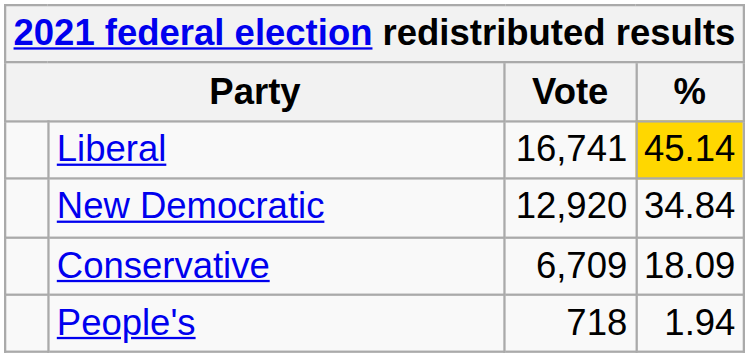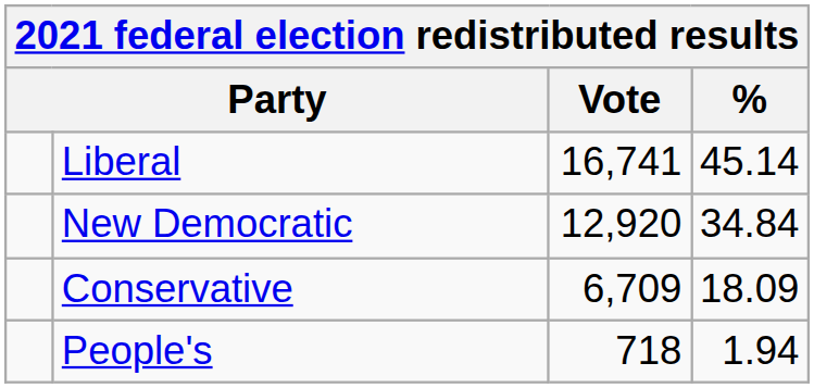 <table class="wikitable">
 <tr>
 <th colspan="4"><a href='#'>2021 federal election</a> redistributed results</th>
 </tr>
 <tr>
 <th bgcolor="#DDDDFF" width="130px" colspan="2">Party</th>
 <th bgcolor="#DDDDFF" width="50px">Vote</th>
 <th bgcolor="#DDDDFF" width="30px">%</th>
 </tr>
 <tr>
 <td> </td>
 <td><a href='#'>Liberal</a></td>
 <td align=right>16,741</td>
-<td align=right style="background: gold;">45.14</td>
+<td align=right>45.14</td>
 </tr>
 <tr>
 <td> </td>
 <td><a href='#'>New Democratic</a></td>
 <td align=right>12,920</td>
 <td align=right>34.84</td>
 </tr>
 <tr>
 <td> </td>
 <td><a href='#'>Conservative</a></td>
 <td align=right>6,709</td>
 <td align=right>18.09</td>
 </tr>
 <tr>
 <td> </td>
 <td><a href='#'>People's</a></td>
 <td align=right>718</td>
 <td align=right>1.94</td>
 </tr>
 </table>
